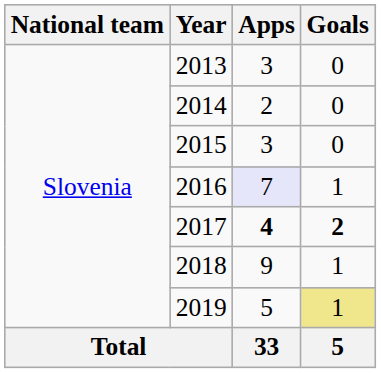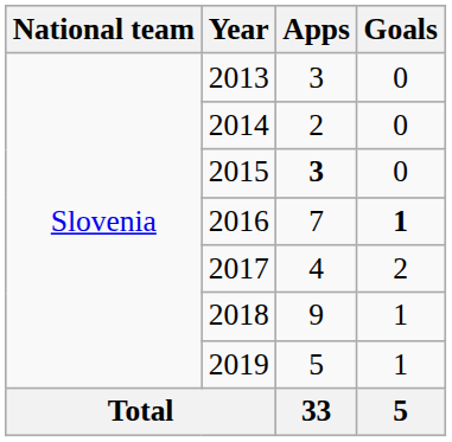 <table class="wikitable" style="text-align:center">
 <tr>
 <th>National team</th>
 <th>Year</th>
 <th>Apps</th>
 <th>Goals</th>
 </tr>
 <tr>
 <td rowspan="7"><a href='#'>Slovenia</a></td>
 <td>2013</td>
 <td>3</td>
 <td>0</td>
 </tr>
 <tr>
 <td>2014</td>
 <td>2</td>
 <td>0</td>
 </tr>
 <tr>
 <td>2015</td>
-<td>3</td>
+<td><strong>3</strong></td>
 <td>0</td>
 </tr>
 <tr>
 <td>2016</td>
-<td style="background: lavender;">7</td>
-<td>1</td>
+<td>7</td>
+<td><strong>1</strong></td>
 </tr>
 <tr>
 <td>2017</td>
-<td><strong>4</strong></td>
-<td><strong>2</strong></td>
+<td>4</td>
+<td>2</td>
 </tr>
 <tr>
 <td>2018</td>
 <td>9</td>
 <td>1</td>
 </tr>
 <tr>
 <td>2019</td>
 <td>5</td>
-<td style="background: khaki;">1</td>
+<td>1</td>
 </tr>
 <tr>
 <th colspan="2">Total</th>
 <th>33</th>
 <th>5</th>
 </tr>
 </table>
